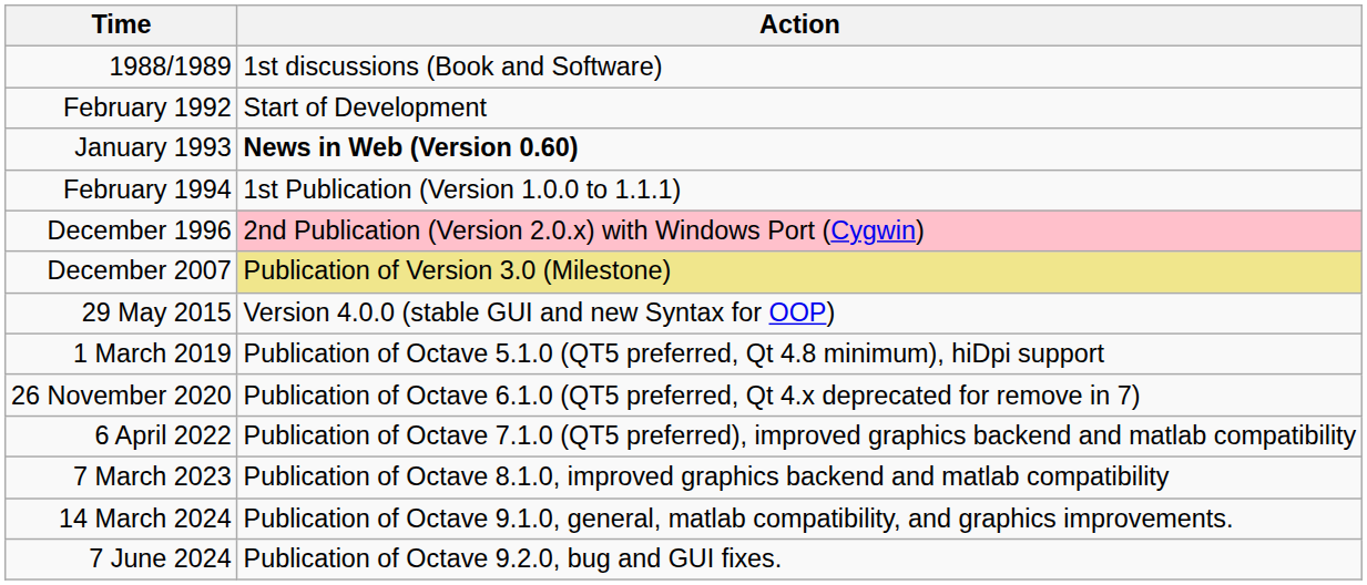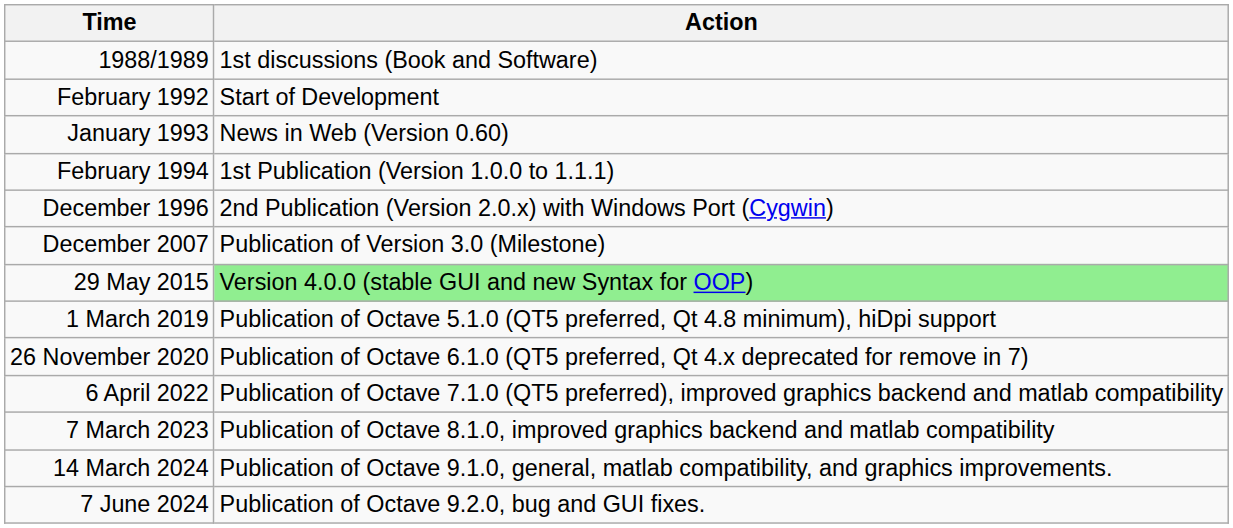 <table class="wikitable">
 <tr>
 <th>Time</th>
 <th>Action</th>
 </tr>
 <tr>
 <td style="text-align: right; white-space: nowrap;">1988/1989</td>
 <td>1st discussions (Book and Software)</td>
 </tr>
 <tr>
 <td style="text-align: right; white-space: nowrap;">February 1992</td>
 <td>Start of Development</td>
 </tr>
 <tr>
 <td style="text-align: right; white-space: nowrap;">January 1993</td>
-<td><strong>News in Web (Version 0.60)</strong></td>
+<td>News in Web (Version 0.60)</td>
 </tr>
 <tr>
 <td style="text-align: right; white-space: nowrap;">February 1994</td>
 <td>1st Publication (Version 1.0.0 to 1.1.1)</td>
 </tr>
 <tr>
 <td style="text-align: right; white-space: nowrap;">December 1996</td>
-<td style="background: pink;">2nd Publication (Version 2.0.x) with Windows Port (<a href='#'>Cygwin</a>)</td>
+<td>2nd Publication (Version 2.0.x) with Windows Port (<a href='#'>Cygwin</a>)</td>
 </tr>
 <tr>
 <td style="text-align: right; white-space: nowrap;">December 2007</td>
-<td style="background: khaki;">Publication of Version 3.0 (Milestone)</td>
+<td>Publication of Version 3.0 (Milestone)</td>
 </tr>
 <tr>
 <td style="text-align: right; white-space: nowrap;">29 May 2015</td>
-<td>Version 4.0.0 (stable GUI and new Syntax for <a href='#'>OOP</a>)</td>
+<td style="background: lightgreen;">Version 4.0.0 (stable GUI and new Syntax for <a href='#'>OOP</a>)</td>
 </tr>
 <tr>
 <td style="text-align: right; white-space: nowrap;">1 March 2019</td>
 <td>Publication of Octave 5.1.0 (QT5 preferred, Qt 4.8 minimum), hiDpi support</td>
 </tr>
 <tr>
 <td style="text-align: right; white-space: nowrap;">26 November 2020</td>
 <td>Publication of Octave 6.1.0 (QT5 preferred, Qt 4.x deprecated for remove in 7)</td>
 </tr>
 <tr>
 <td style="text-align: right; white-space: nowrap;">6 April 2022</td>
 <td>Publication of Octave 7.1.0 (QT5 preferred), improved graphics backend and matlab compatibility</td>
 </tr>
 <tr>
 <td style="text-align: right; white-space: nowrap;">7 March 2023</td>
 <td>Publication of Octave 8.1.0, improved graphics backend and matlab compatibility</td>
 </tr>
 <tr>
 <td style="text-align: right; white-space: nowrap;">14 March 2024</td>
 <td>Publication of Octave 9.1.0, general, matlab compatibility, and graphics improvements.</td>
 </tr>
 <tr>
 <td style="text-align: right; white-space: nowrap;">7 June 2024</td>
 <td>Publication of Octave 9.2.0, bug and GUI fixes.</td>
 </tr>
 </table>
